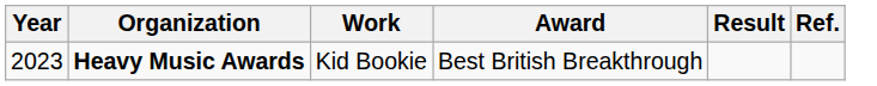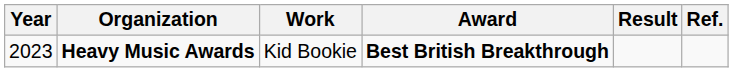 <table class="wikitable plainrowheaders" style="text-align:center;">
 <tr>
 <th>Year</th>
 <th>Organization</th>
 <th>Work</th>
 <th>Award</th>
 <th>Result</th>
 <th>Ref.</th>
 </tr>
 <tr>
 <td rowspan=2>2023</td>
 <td rowspan=2><strong>Heavy Music Awards</strong></td>
 <td rowspan=2>Kid Bookie</td>
-<td>Best British Breakthrough</td>
+<td><strong>Best British Breakthrough</strong></td>
 <td></td>
 <td rowspan=2></td>
 </tr>
 </table>
